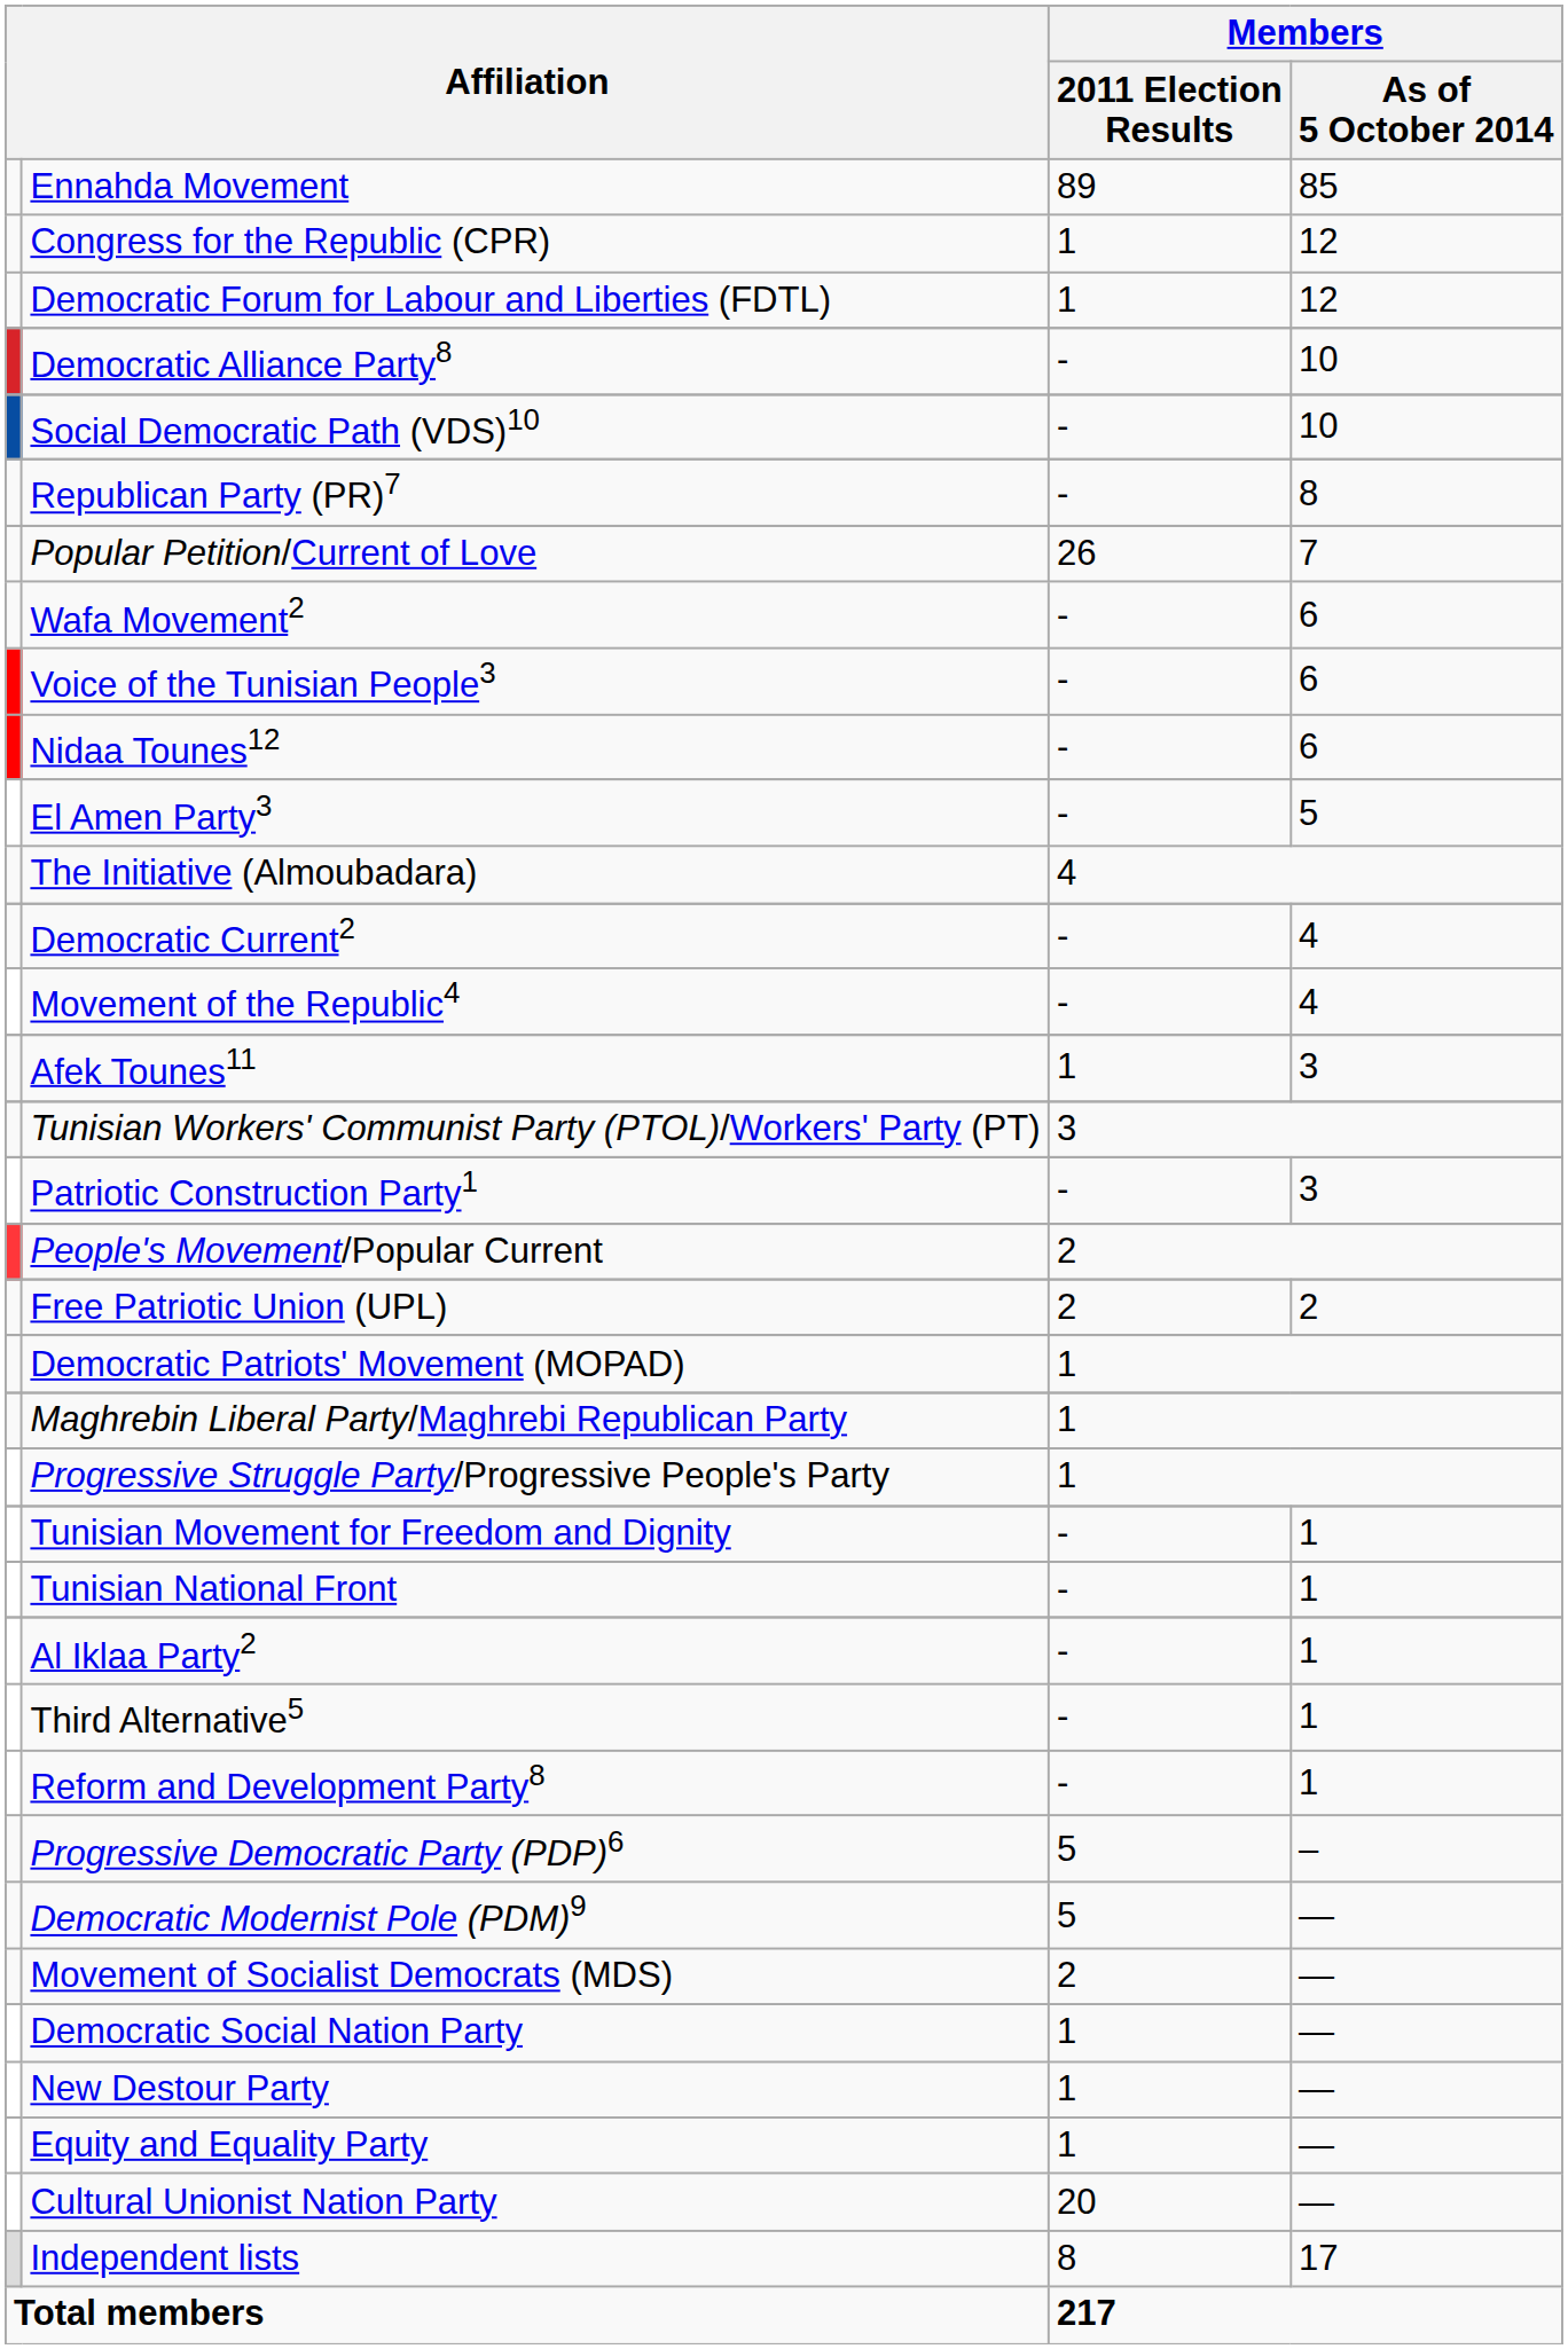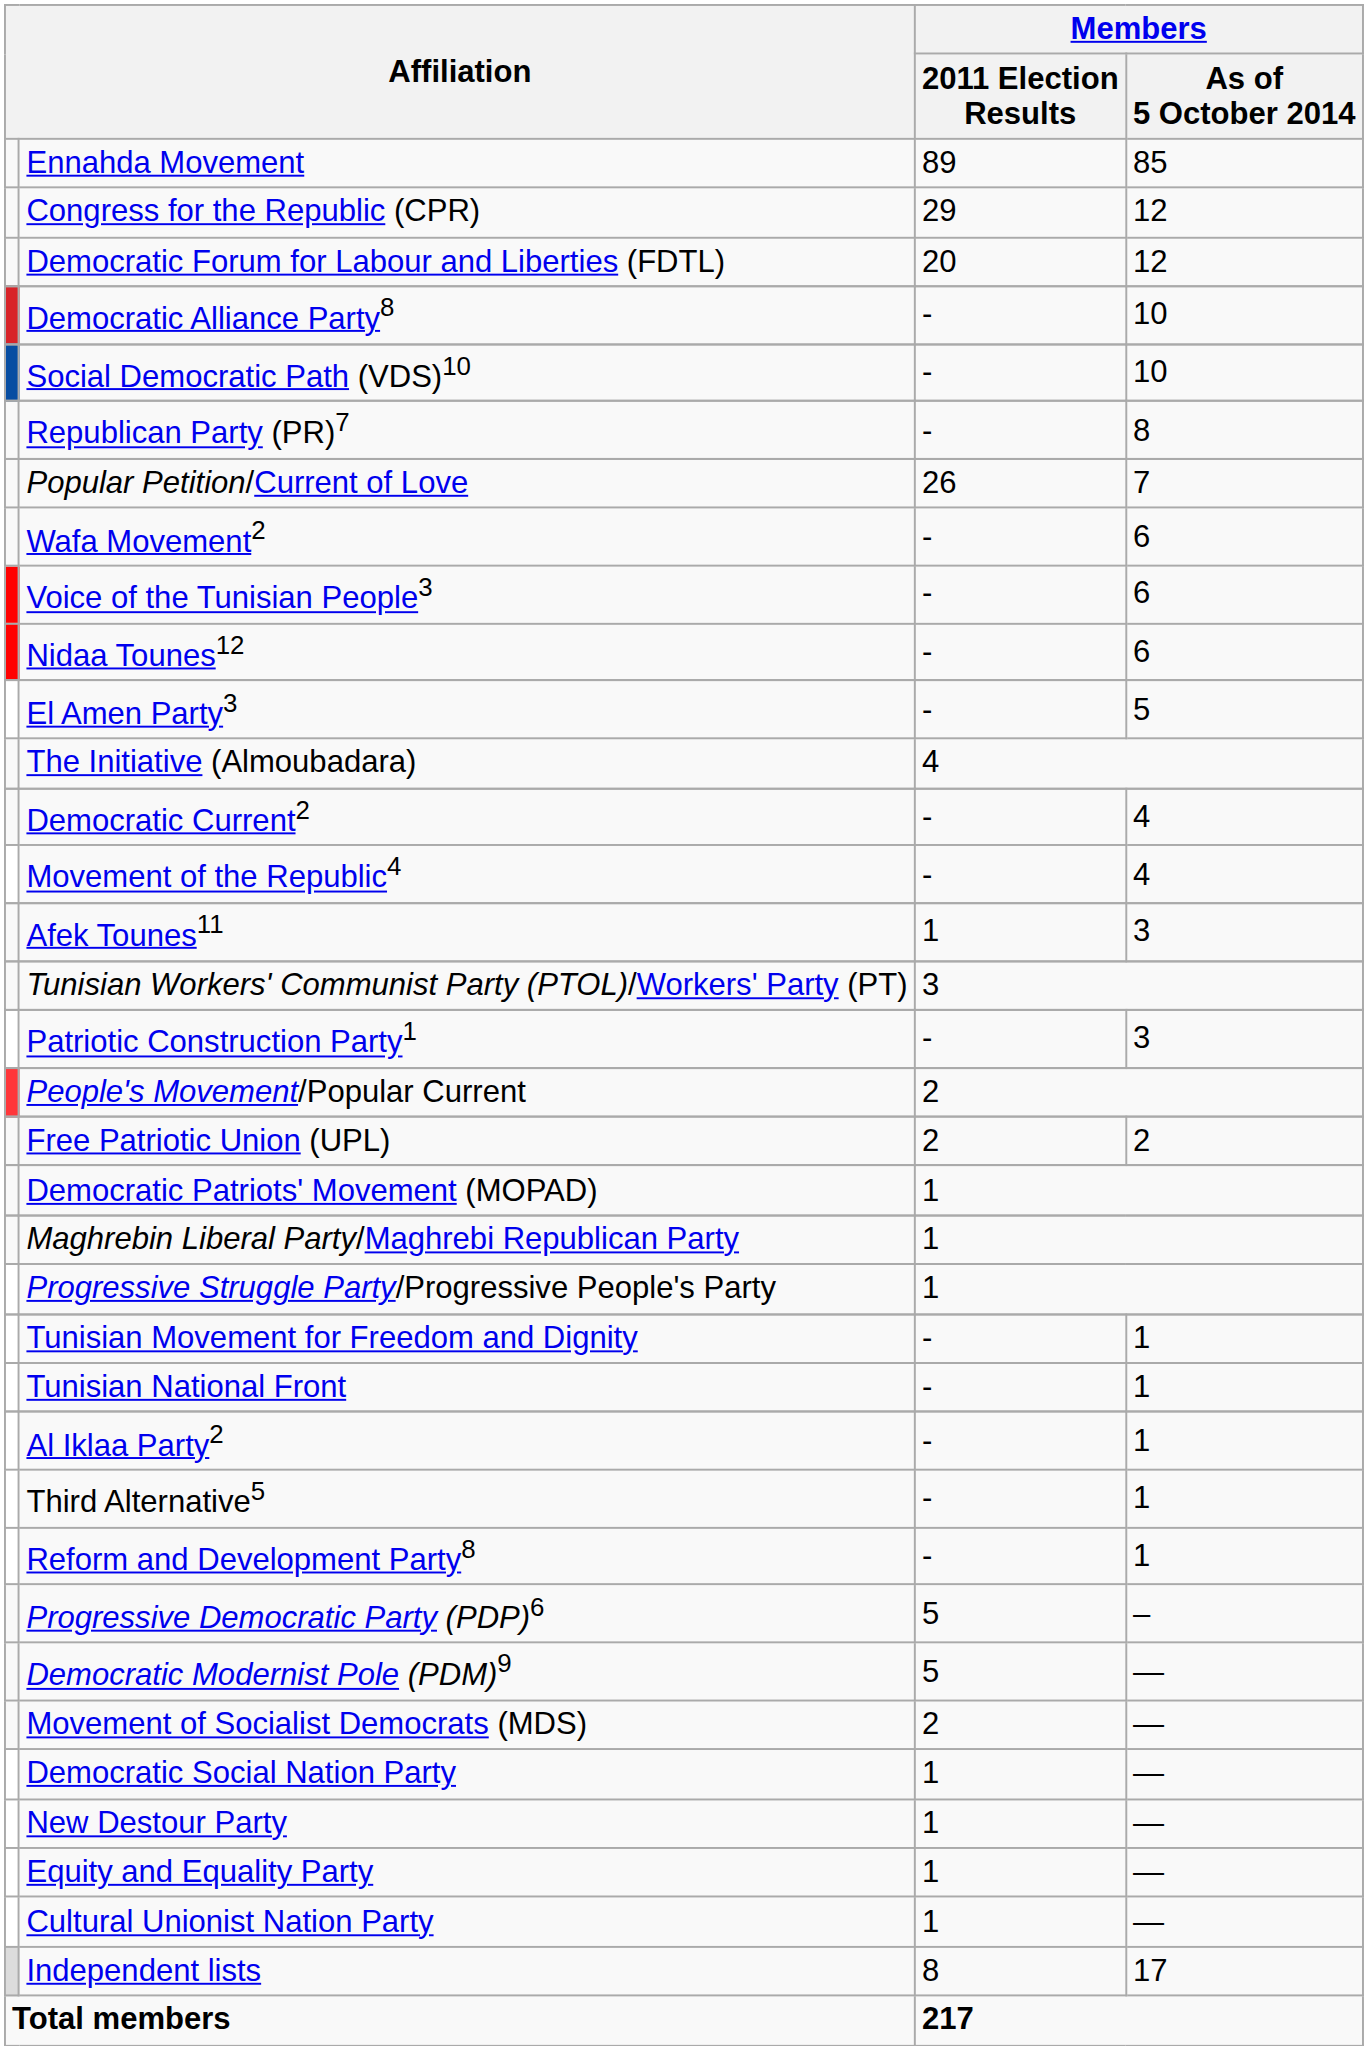 <table class="wikitable">
 <tr>
 <th colspan=2 rowspan=2>Affiliation</th>
 <th colspan=2><a href='#'>Members</a></th>
 </tr>
 <tr>
 <th>2011 Election<br>Results</th>
 <th>As of <br>5 October 2014</th>
 </tr>
 <tr>
 <td></td>
 <td><a href='#'>Ennahda Movement</a></td>
 <td colspan=1>89</td>
 <td>85</td>
 </tr>
 <tr>
 <td></td>
 <td><a href='#'>Congress for the Republic</a> (CPR)</td>
-<td>1</td>
+<td colspan=1>29</td>
 <td>12</td>
 </tr>
 <tr>
 <td></td>
 <td><a href='#'>Democratic Forum for Labour and Liberties</a> (FDTL)</td>
-<td>1</td>
+<td colspan="1">20</td>
 <td>12</td>
 </tr>
 <tr>
 </tr>
 <tr>
 <td bgcolor="#D82329"></td>
 <td><a href='#'>Democratic Alliance Party</a><sup>8</sup></td>
 <td colspan="1">-</td>
 <td>10</td>
 </tr>
 <tr>
 </tr>
 <tr>
 <td bgcolor="#074da2"></td>
 <td><a href='#'>Social Democratic Path</a> (VDS)<sup>10</sup></td>
 <td colspan="1">-</td>
 <td>10</td>
 </tr>
 <tr>
 </tr>
 <tr>
 <td></td>
 <td><a href='#'>Republican Party</a> (PR)<sup>7</sup></td>
 <td colspan="1">-</td>
 <td>8</td>
 </tr>
 <tr>
 </tr>
 <tr>
 <td></td>
 <td><em>Popular Petition</em>/<a href='#'>Current of Love</a></td>
 <td>26</td>
 <td colspan="1">7</td>
 </tr>
 <tr>
 <td></td>
 <td><a href='#'>Wafa Movement</a><sup>2</sup></td>
 <td colspan=1>-</td>
 <td>6</td>
 </tr>
 <tr>
 <td bgcolor="red"></td>
 <td><a href='#'>Voice of the Tunisian People</a><sup>3</sup></td>
 <td colspan="1">-</td>
 <td>6</td>
 </tr>
 <tr>
 <td bgcolor="red"></td>
 <td><a href='#'>Nidaa Tounes</a><sup>12</sup></td>
 <td colspan="1">-</td>
 <td>6</td>
 </tr>
 <tr>
 </tr>
 <tr>
 <td bgcolor="white"></td>
 <td><a href='#'>El Amen Party</a><sup>3</sup></td>
 <td colspan="1">-</td>
 <td>5</td>
 </tr>
 <tr>
 <td></td>
 <td><a href='#'>The Initiative</a> (Almoubadara)</td>
 <td colspan="2">4</td>
 </tr>
 <tr>
 </tr>
 <tr>
 <td></td>
 <td><a href='#'>Democratic Current</a><sup>2</sup></td>
 <td colspan=1>-</td>
 <td>4</td>
 </tr>
 <tr>
 <td bgcolor="white"></td>
 <td><a href='#'>Movement of the Republic</a><sup>4</sup></td>
 <td colspan="1">-</td>
 <td>4</td>
 </tr>
 <tr>
 </tr>
 <tr>
 <td></td>
 <td><a href='#'>Afek Tounes</a><sup>11</sup></td>
 <td>1</td>
 <td>3</td>
 </tr>
 <tr>
 </tr>
 <tr>
 <td></td>
 <td><em>Tunisian Workers' Communist Party (PTOL)</em>/<a href='#'>Workers' Party</a> (PT)</td>
 <td colspan="2">3</td>
 </tr>
 <tr>
 </tr>
 <tr>
 <td bgcolor="white"></td>
 <td><a href='#'>Patriotic Construction Party</a><sup>1</sup></td>
 <td colspan="1">-</td>
 <td>3</td>
 </tr>
 <tr>
 </tr>
 <tr>
 <td bgcolor="#FF363A"></td>
 <td><em><a href='#'>People's Movement</a></em>/Popular Current</td>
 <td colspan="2">2</td>
 </tr>
 <tr>
 </tr>
 <tr>
 <td></td>
 <td><a href='#'>Free Patriotic Union</a> (UPL)</td>
 <td>2</td>
 <td>2</td>
 </tr>
 <tr>
 </tr>
 <tr>
 <td></td>
 <td><a href='#'>Democratic Patriots' Movement</a> (MOPAD)</td>
 <td colspan="2">1</td>
 </tr>
 <tr>
 </tr>
 <tr>
 <td></td>
 <td><em>Maghrebin Liberal Party</em>/<a href='#'>Maghrebi Republican Party</a></td>
 <td colspan="2">1</td>
 </tr>
 <tr>
 </tr>
 <tr>
 <td bgcolor="white"></td>
 <td><em><a href='#'>Progressive Struggle Party</a></em>/Progressive People's Party</td>
 <td colspan="2">1</td>
 </tr>
 <tr>
 </tr>
 <tr>
 <td bgcolor="white"></td>
 <td><a href='#'>Tunisian Movement for Freedom and Dignity</a></td>
 <td colspan="1">-</td>
 <td>1</td>
 </tr>
 <tr>
 </tr>
 <tr>
 <td bgcolor="white"></td>
 <td><a href='#'>Tunisian National Front</a></td>
 <td colspan="1">-</td>
 <td>1</td>
 </tr>
 <tr>
 </tr>
 <tr>
 <td bgcolor="white"></td>
 <td><a href='#'>Al Iklaa Party</a><sup>2</sup></td>
 <td colspan=1>-</td>
 <td>1</td>
 </tr>
 <tr>
 <td bgcolor="white"></td>
 <td>Third Alternative<sup>5</sup></td>
 <td colspan=1>-</td>
 <td>1</td>
 </tr>
 <tr>
 <td bgcolor="white"></td>
 <td><a href='#'>Reform and Development Party</a><sup>8</sup></td>
 <td colspan="1">-</td>
 <td>1</td>
 </tr>
 <tr>
 <td></td>
 <td><em><a href='#'>Progressive Democratic Party</a> (PDP)</em><sup>6</sup></td>
 <td colspan=1>5</td>
 <td colspan=2>–</td>
 </tr>
 <tr>
 <td></td>
 <td><em><a href='#'>Democratic Modernist Pole</a> (PDM)</em><sup>9</sup></td>
 <td colspan=1>5</td>
 <td>—</td>
 </tr>
 <tr>
 <td></td>
 <td><a href='#'>Movement of Socialist Democrats</a> (MDS)</td>
 <td>2</td>
 <td>—</td>
 </tr>
 <tr>
 <td bgcolor="white"></td>
 <td><a href='#'>Democratic Social Nation Party</a></td>
 <td>1</td>
 <td>—</td>
 </tr>
 <tr>
 <td bgcolor="white"></td>
 <td><a href='#'>New Destour Party</a></td>
 <td>1</td>
 <td>—</td>
 </tr>
 <tr>
 <td bgcolor="white"></td>
 <td><a href='#'>Equity and Equality Party</a></td>
 <td>1</td>
 <td>—</td>
 </tr>
 <tr>
 <td bgcolor="white"></td>
 <td><a href='#'>Cultural Unionist Nation Party</a></td>
-<td colspan="1">20</td>
+<td>1</td>
 <td>—</td>
 </tr>
 <tr>
 <td bgcolor="gainsboro"></td>
 <td><a href='#'>Independent lists</a></td>
 <td>8</td>
 <td colspan=1>17</td>
 </tr>
 <tr>
 <td colspan=2><strong>Total members</strong></td>
 <td colspan=2><strong>217</strong></td>
 </tr>
 </table>
